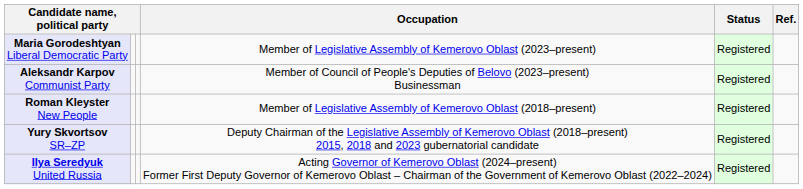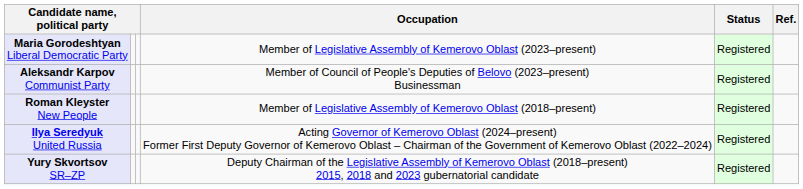 <table class="wikitable" style="text-align:center;">
 <tr>
 <th colspan="3">Candidate name,<br>political party</th>
 <th>Occupation</th>
 <th>Status</th>
 <th>Ref.</th>
 </tr>
 <tr>
 <td style="background:lavender;"><strong>Maria Gorodeshtyan</strong><br><a href='#'>Liberal Democratic Party</a></td>
 <td style="background-color:"></td>
 <td></td>
 <td>Member of <a href='#'>Legislative Assembly of Kemerovo Oblast</a> (2023–present)</td>
 <td bgcolor="#DFFFDF">Registered</td>
 <td></td>
 </tr>
 <tr>
 <td style="background:lavender;"><strong>Aleksandr Karpov</strong><br><a href='#'>Communist Party</a></td>
 <td style="background-color:"></td>
 <td></td>
 <td>Member of Council of People's Deputies of <a href='#'>Belovo</a> (2023–present)<br>Businessman</td>
 <td bgcolor="#DFFFDF">Registered</td>
 <td></td>
 </tr>
 <tr>
 <td style="background:lavender;"><strong>Roman Kleyster</strong><br><a href='#'>New People</a></td>
 <td style="background-color:"></td>
 <td></td>
 <td>Member of <a href='#'>Legislative Assembly of Kemerovo Oblast</a> (2018–present)</td>
 <td bgcolor="#DFFFDF">Registered</td>
 <td></td>
 </tr>
 <tr>
+<td style="background:lavender;"><strong><a href='#'>Ilya Seredyuk</a></strong><br><a href='#'>United Russia</a></td>
+<td style="background-color:"></td>
+<td></td>
+<td>Acting <a href='#'>Governor of Kemerovo Oblast</a> (2024–present)<br>Former First Deputy Governor of Kemerovo Oblast – Chairman of the Government of Kemerovo Oblast (2022–2024)</td>
+<td bgcolor="#DFFFDF">Registered</td>
+<td></td>
+</tr>
+<tr>
 <td style="background:lavender;"><strong>Yury Skvortsov</strong><br><a href='#'>SR–ZP</a></td>
 <td style="background-color:"></td>
 <td></td>
 <td>Deputy Chairman of the <a href='#'>Legislative Assembly of Kemerovo Oblast</a> (2018–present)<br><a href='#'>2015</a>, <a href='#'>2018</a> and <a href='#'>2023</a> gubernatorial candidate</td>
 <td bgcolor="#DFFFDF">Registered</td>
 <td></td>
 </tr>
-<tr>
-<td style="background:lavender;"><strong><a href='#'>Ilya Seredyuk</a></strong><br><a href='#'>United Russia</a></td>
-<td style="background-color:"></td>
-<td></td>
-<td>Acting <a href='#'>Governor of Kemerovo Oblast</a> (2024–present)<br>Former First Deputy Governor of Kemerovo Oblast – Chairman of the Government of Kemerovo Oblast (2022–2024)</td>
-<td bgcolor="#DFFFDF">Registered</td>
-<td></td>
-</tr>
 </table>
